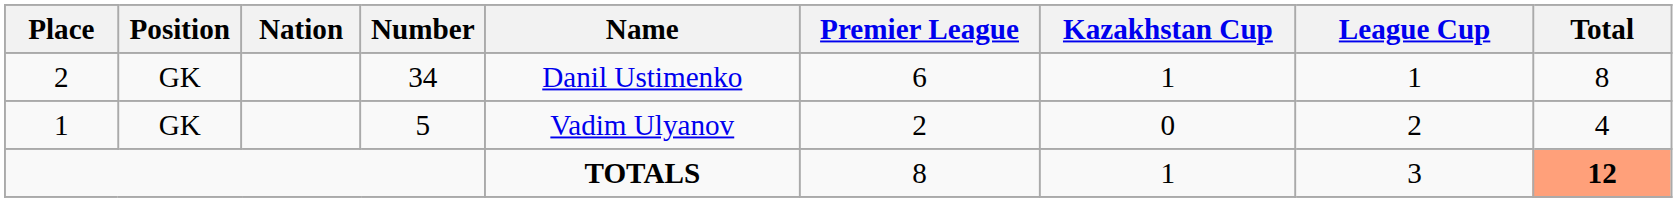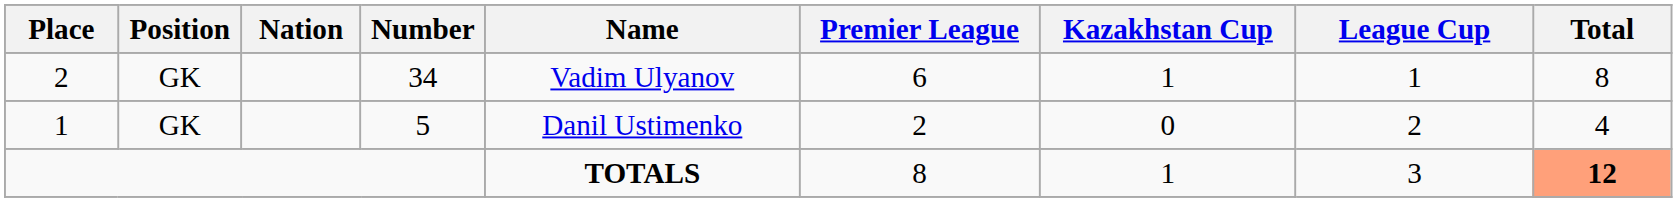 <table class="wikitable" style="font-size: 95%; text-align: center;">
 <tr>
 <th width=60>Place</th>
 <th width=60>Position</th>
 <th width=60>Nation</th>
 <th width=60>Number</th>
 <th width=200>Name</th>
 <th width=150><a href='#'>Premier League</a></th>
 <th width=150><a href='#'>Kazakhstan Cup</a></th>
 <th width=150><a href='#'>League Cup</a></th>
 <th width=80>Total</th>
 </tr>
 <tr>
 <td>2</td>
 <td>GK</td>
 <td></td>
 <td>34</td>
-<td><a href='#'>Danil Ustimenko</a></td>
+<td><a href='#'>Vadim Ulyanov</a></td>
 <td>6</td>
 <td>1</td>
 <td>1</td>
 <td>8</td>
 </tr>
 <tr>
 <td>1</td>
 <td>GK</td>
 <td></td>
 <td>5</td>
-<td><a href='#'>Vadim Ulyanov</a></td>
+<td><a href='#'>Danil Ustimenko</a></td>
 <td>2</td>
 <td>0</td>
 <td>2</td>
 <td>4</td>
 </tr>
 <tr>
 <td colspan="4"></td>
 <td><strong>TOTALS</strong></td>
 <td>8</td>
 <td>1</td>
 <td>3</td>
 <td style="background: lightsalmon;"><strong>12</strong></td>
 </tr>
 </table>
